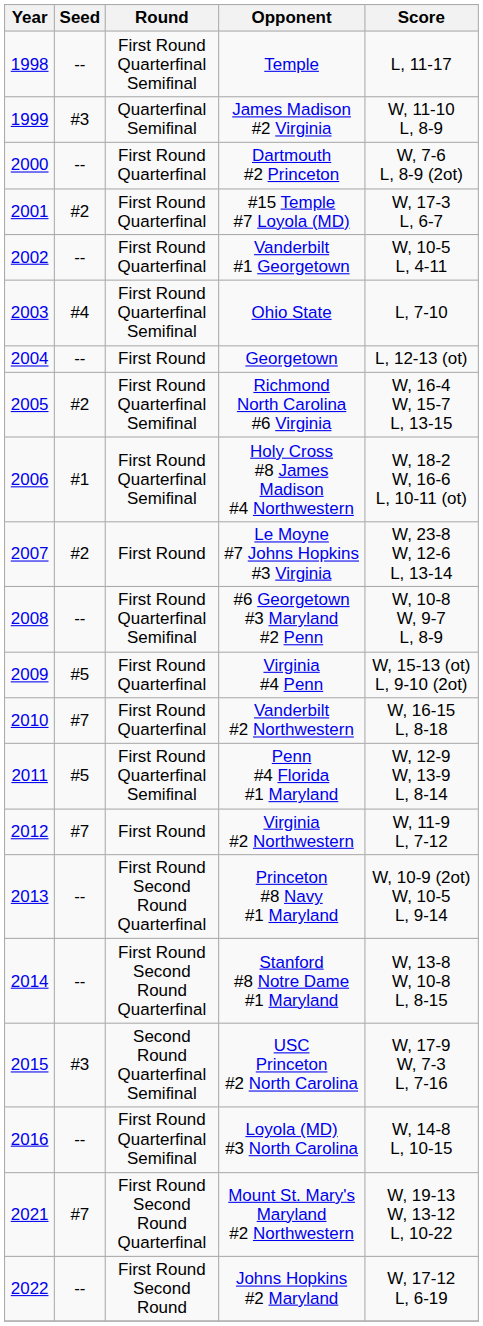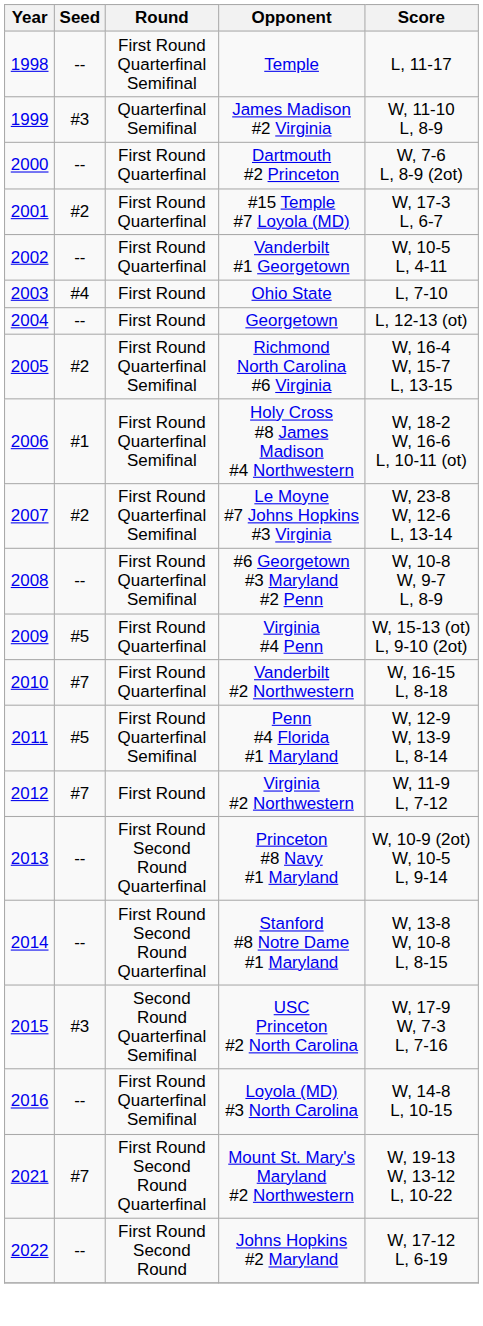 <table class="wikitable">
 <tr>
 <th style="width:40px; ">Year</th>
 <th style="width:40px; ">Seed</th>
 <th style="width:100px; ">Round</th>
 <th style="width:130px; ">Opponent</th>
 <th style="width:100px; ">Score</th>
 </tr>
 <tr align="center">
 <td><a href='#'>1998</a></td>
 <td>--</td>
 <td>First Round<br>Quarterfinal<br>Semifinal</td>
 <td><a href='#'>Temple</a></td>
 <td>L, 11-17</td>
 </tr>
 <tr align="center">
 <td><a href='#'>1999</a></td>
 <td>#3</td>
 <td>Quarterfinal<br>Semifinal</td>
 <td><a href='#'>James Madison</a><br>#2 <a href='#'>Virginia</a></td>
 <td>W, 11-10<br>L, 8-9</td>
 </tr>
 <tr align="center">
 <td><a href='#'>2000</a></td>
 <td>--</td>
 <td>First Round<br>Quarterfinal</td>
 <td><a href='#'>Dartmouth</a><br>#2 <a href='#'>Princeton</a></td>
 <td>W, 7-6<br>L, 8-9 (2ot)</td>
 </tr>
 <tr align="center">
 <td><a href='#'>2001</a></td>
 <td>#2</td>
 <td>First Round<br>Quarterfinal</td>
 <td>#15 <a href='#'>Temple</a><br>#7 <a href='#'>Loyola (MD)</a></td>
 <td>W, 17-3<br>L, 6-7</td>
 </tr>
 <tr align="center">
 <td><a href='#'>2002</a></td>
 <td>--</td>
 <td>First Round<br>Quarterfinal</td>
 <td><a href='#'>Vanderbilt</a><br>#1 <a href='#'>Georgetown</a></td>
 <td>W, 10-5<br>L, 4-11</td>
 </tr>
 <tr align="center">
 <td><a href='#'>2003</a></td>
 <td>#4</td>
-<td>First Round<br>Quarterfinal<br>Semifinal</td>
+<td>First Round</td>
 <td><a href='#'>Ohio State</a></td>
 <td>L, 7-10</td>
 </tr>
 <tr align="center">
 <td><a href='#'>2004</a></td>
 <td>--</td>
 <td>First Round</td>
 <td><a href='#'>Georgetown</a></td>
 <td>L, 12-13 (ot)</td>
 </tr>
 <tr align="center">
 <td><a href='#'>2005</a></td>
 <td>#2</td>
 <td>First Round<br>Quarterfinal<br>Semifinal</td>
 <td><a href='#'>Richmond</a><br><a href='#'>North Carolina</a><br>#6 <a href='#'>Virginia</a></td>
 <td>W, 16-4<br>W, 15-7<br>L, 13-15</td>
 </tr>
 <tr align="center">
 <td><a href='#'>2006</a></td>
 <td>#1</td>
 <td>First Round<br>Quarterfinal<br>Semifinal</td>
 <td><a href='#'>Holy Cross</a><br>#8 <a href='#'>James Madison</a><br>#4 <a href='#'>Northwestern</a></td>
 <td>W, 18-2<br>W, 16-6<br>L, 10-11 (ot)</td>
 </tr>
 <tr align="center">
 <td><a href='#'>2007</a></td>
 <td>#2</td>
-<td>First Round</td>
+<td>First Round<br>Quarterfinal<br>Semifinal</td>
 <td><a href='#'>Le Moyne</a><br>#7 <a href='#'>Johns Hopkins</a><br>#3 <a href='#'>Virginia</a></td>
 <td>W, 23-8<br>W, 12-6<br>L, 13-14</td>
 </tr>
 <tr align="center">
 <td><a href='#'>2008</a></td>
 <td>--</td>
 <td>First Round<br>Quarterfinal<br>Semifinal</td>
 <td>#6 <a href='#'>Georgetown</a><br>#3 <a href='#'>Maryland</a><br>#2 <a href='#'>Penn</a></td>
 <td>W, 10-8<br>W, 9-7<br>L, 8-9</td>
 </tr>
 <tr align="center">
 <td><a href='#'>2009</a></td>
 <td>#5</td>
 <td>First Round<br>Quarterfinal</td>
 <td><a href='#'>Virginia</a><br>#4 <a href='#'>Penn</a></td>
 <td>W, 15-13 (ot)<br>L, 9-10 (2ot)</td>
 </tr>
 <tr align="center">
 <td><a href='#'>2010</a></td>
 <td>#7</td>
 <td>First Round<br>Quarterfinal</td>
 <td><a href='#'>Vanderbilt</a><br>#2 <a href='#'>Northwestern</a></td>
 <td>W, 16-15<br>L, 8-18</td>
 </tr>
 <tr align="center">
 <td><a href='#'>2011</a></td>
 <td>#5</td>
 <td>First Round<br>Quarterfinal<br>Semifinal</td>
 <td><a href='#'>Penn</a><br>#4 <a href='#'>Florida</a><br>#1 <a href='#'>Maryland</a></td>
 <td>W, 12-9<br>W, 13-9<br>L, 8-14</td>
 </tr>
 <tr align="center">
 <td><a href='#'>2012</a></td>
 <td>#7</td>
 <td>First Round</td>
 <td><a href='#'>Virginia</a><br>#2 <a href='#'>Northwestern</a></td>
 <td>W, 11-9<br>L, 7-12</td>
 </tr>
 <tr align="center">
 <td><a href='#'>2013</a></td>
 <td>--</td>
 <td>First Round<br>Second Round<br>Quarterfinal</td>
 <td><a href='#'>Princeton</a><br>#8 <a href='#'>Navy</a><br>#1 <a href='#'>Maryland</a></td>
 <td>W, 10-9 (2ot)<br>W, 10-5<br>L, 9-14</td>
 </tr>
 <tr align="center">
 <td><a href='#'>2014</a></td>
 <td>--</td>
 <td>First Round<br>Second Round<br>Quarterfinal</td>
 <td><a href='#'>Stanford</a><br>#8 <a href='#'>Notre Dame</a><br>#1 <a href='#'>Maryland</a></td>
 <td>W, 13-8<br>W, 10-8<br>L, 8-15</td>
 </tr>
 <tr align="center">
 <td><a href='#'>2015</a></td>
 <td>#3</td>
 <td>Second Round<br>Quarterfinal<br>Semifinal</td>
 <td><a href='#'>USC</a><br><a href='#'>Princeton</a><br>#2 <a href='#'>North Carolina</a></td>
 <td>W, 17-9<br>W, 7-3<br>L, 7-16</td>
 </tr>
 <tr align="center">
 <td><a href='#'>2016</a></td>
 <td>--</td>
 <td>First Round<br>Quarterfinal<br>Semifinal</td>
 <td><a href='#'>Loyola (MD)</a><br>#3 <a href='#'>North Carolina</a></td>
 <td>W, 14-8<br>L, 10-15</td>
 </tr>
 <tr align="center">
 <td><a href='#'>2021</a></td>
 <td>#7</td>
 <td>First Round<br>Second Round<br>Quarterfinal</td>
 <td><a href='#'>Mount St. Mary's</a><br><a href='#'>Maryland</a><br>#2 <a href='#'>Northwestern</a></td>
 <td>W, 19-13<br>W, 13-12<br>L, 10-22</td>
 </tr>
 <tr align="center">
 <td><a href='#'>2022</a></td>
 <td>--</td>
 <td>First Round<br>Second Round</td>
 <td><a href='#'>Johns Hopkins</a><br>#2 <a href='#'>Maryland</a></td>
 <td>W, 17-12<br>L, 6-19</td>
 </tr>
 <tr align="center">
 </tr>
 </table>
